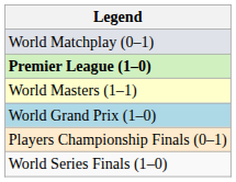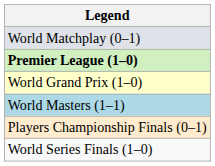 <table class="wikitable">
 <tr>
 <th>Legend</th>
 </tr>
 <tr style="background:#dfe2e9;">
 <td>World Matchplay (0–1)</td>
 </tr>
 <tr style="background:#d0f0c0;">
 <td><strong>Premier League (1–0)</strong></td>
 </tr>
 <tr style="background:#FFFFCC;">
-<td>World Masters (1–1)</td>
+<td>World Grand Prix (1–0)</td>
 </tr>
 <tr bgcolor="lightblue">
-<td>World Grand Prix (1–0)</td>
+<td>World Masters (1–1)</td>
 </tr>
 <tr style="background:#ffebcd;">
 <td>Players Championship Finals (0–1)</td>
 </tr>
 <tr>
 <td>World Series Finals (1–0)</td>
 </tr>
 </table>
